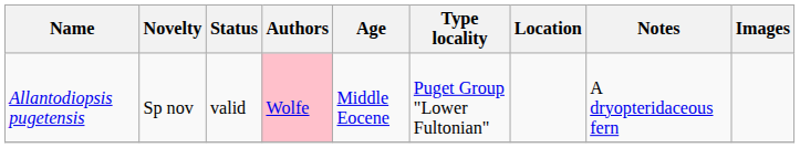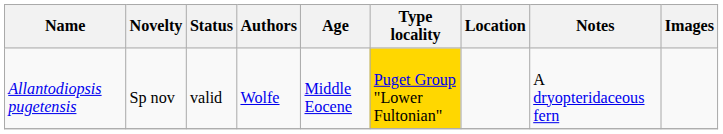 <table class="wikitable sortable" align="center" width="80%">
 <tr>
 <th>Name</th>
 <th>Novelty</th>
 <th>Status</th>
 <th>Authors</th>
 <th>Age</th>
 <th>Type locality</th>
 <th>Location</th>
 <th>Notes</th>
 <th>Images</th>
 </tr>
 <tr>
 <td><br><em><a href='#'>Allantodiopsis pugetensis</a></em></td>
 <td><br>Sp nov</td>
 <td><br>valid</td>
-<td style="background: pink;"><br><a href='#'>Wolfe</a></td>
+<td><br><a href='#'>Wolfe</a></td>
 <td><br><a href='#'>Middle Eocene</a></td>
-<td><br><a href='#'>Puget Group</a><br>"Lower Fultonian"</td>
+<td style="background: gold;"><br><a href='#'>Puget Group</a><br>"Lower Fultonian"</td>
 <td><br><br></td>
 <td><br>A <a href='#'>dryopteridaceous</a> <a href='#'>fern</a></td>
 <td><br></td>
 </tr>
 <tr>
 </tr>
 </table>
